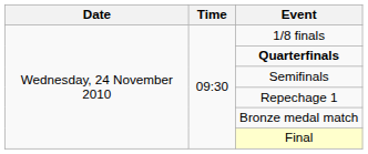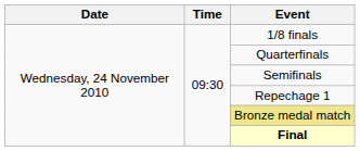 <table class = "wikitable" style="text-align:center;">
 <tr>
 <th width=220>Date</th>
 <th width=50>Time</th>
 <th width=150>Event</th>
 </tr>
 <tr>
 <td rowspan=6>Wednesday, 24 November 2010</td>
 <td rowspan=6>09:30</td>
 <td>1/8 finals</td>
 </tr>
 <tr>
-<td><strong>Quarterfinals</strong></td>
+<td>Quarterfinals</td>
 </tr>
 <tr>
 <td>Semifinals</td>
 </tr>
 <tr>
 <td>Repechage 1</td>
 </tr>
 <tr>
-<td>Bronze medal match</td>
+<td style="background: khaki;">Bronze medal match</td>
 </tr>
 <tr>
-<td bgcolor=ffffcc>Final</td>
+<td bgcolor=ffffcc><strong>Final</strong></td>
 </tr>
 </table>
